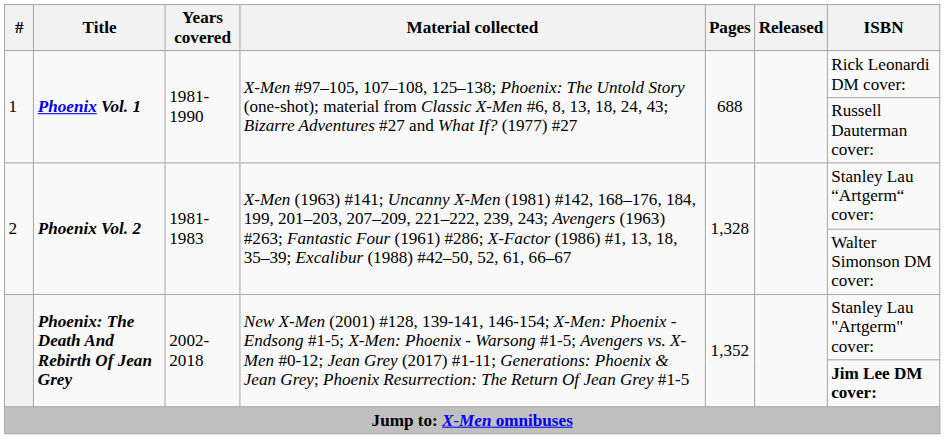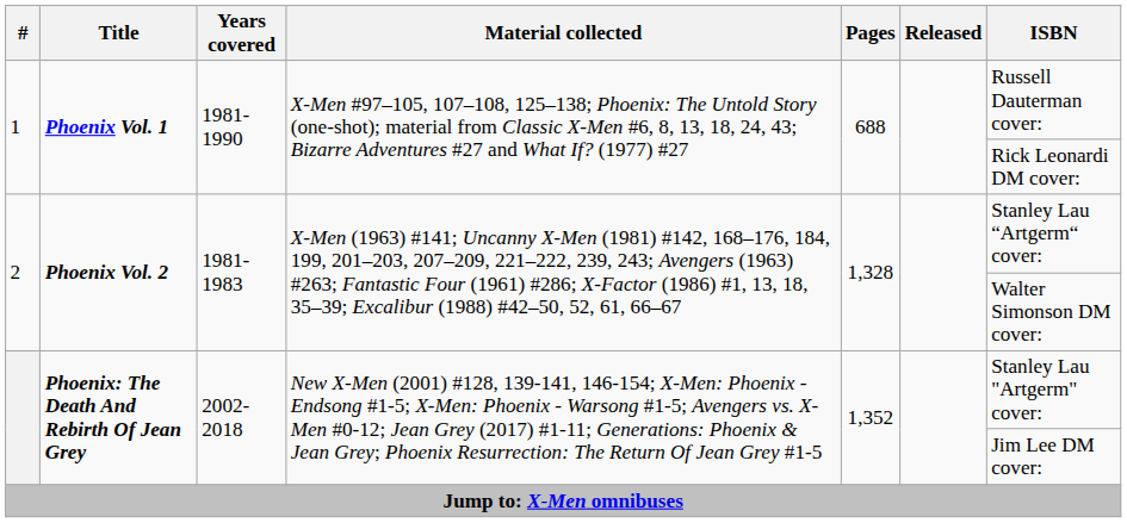 <table class="wikitable sortable" width="99%">
 <tr>
 <th class="unsortable" width="20px">#</th>
 <th>Title</th>
 <th>Years covered</th>
 <th class="unsortable">Material collected</th>
 <th>Pages</th>
 <th>Released</th>
 <th class="unsortable">ISBN</th>
 </tr>
 <tr>
 <td rowspan=2>1</td>
 <td rowspan=2><strong><em><a href='#'>Phoenix</a> Vol. 1</em></strong></td>
 <td rowspan=2> 1981-1990</td>
 <td rowspan=2><em>X-Men</em> #97–105, 107–108, 125–138; <em>Phoenix: The Untold Story</em> (one-shot); material from <em>Classic X-Men</em> #6, 8, 13, 18, 24, 43; <em>Bizarre Adventures</em> #27 and <em>What If?</em> (1977) #27</td>
 <td rowspan=2 style="text-align: center;">688</td>
 <td rowspan=2></td>
-<td>Rick Leonardi DM cover: </td>
+<td>Russell Dauterman cover: </td>
 </tr>
 <tr>
-<td>Russell Dauterman cover: </td>
+<td>Rick Leonardi DM cover: </td>
 </tr>
 <tr>
 <td rowspan=2>2</td>
 <td rowspan=2><strong><em>Phoenix Vol. 2</em></strong></td>
 <td rowspan=2>1981-1983</td>
 <td rowspan=2><em>X-Men</em> (1963) #141; <em>Uncanny X-Men</em> (1981) #142, 168–176, 184, 199, 201–203, 207–209, 221–222, 239, 243; <em>Avengers</em> (1963) #263; <em>Fantastic Four</em> (1961) #286; <em>X-Factor</em> (1986) #1, 13, 18, 35–39; <em>Excalibur</em> (1988) #42–50, 52, 61, 66–67</td>
 <td rowspan=2 style="text-align: center;">1,328</td>
 <td rowspan=2></td>
 <td>Stanley Lau “Artgerm“ cover: </td>
 </tr>
 <tr>
 <td>Walter Simonson DM cover: </td>
 </tr>
 <tr>
 <th style="background-color: light grey;" rowspan=2></th>
 <td rowspan=2><strong><em>Phoenix: The Death And Rebirth Of Jean Grey</em></strong></td>
 <td rowspan=2>2002-2018</td>
 <td rowspan=2><em>New X-Men</em> (2001) #128, 139-141, 146-154; <em>X-Men: Phoenix - Endsong</em> #1-5; <em>X-Men: Phoenix - Warsong</em> #1-5; <em>Avengers vs. X-Men</em> #0-12; <em>Jean Grey</em> (2017) #1-11; <em>Generations: Phoenix & Jean Grey</em>; <em>Phoenix Resurrection: The Return Of Jean Grey</em> #1-5</td>
 <td rowspan=2 style="text-align: center;">1,352</td>
 <td rowspan=2></td>
 <td>Stanley Lau "Artgerm" cover: </td>
 </tr>
 <tr>
-<td><strong>Jim Lee DM cover: </strong></td>
+<td>Jim Lee DM cover: </td>
 </tr>
 <tr>
 <th colspan=7 style="background-color: silver;">Jump to: <a href='#'><em>X-Men</em> omnibuses</a></th>
 </tr>
 </table>
